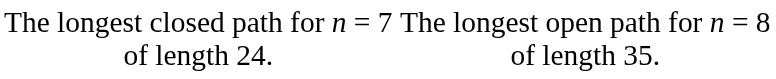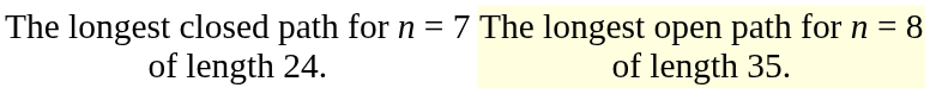 <table style="margin:auto">
 <tr valign="bottom">
 <td style="padding: 0 1em"></td>
 <td style="padding: 0 1em"></td>
 </tr>
 <tr>
 <td align="center">The longest closed path for <em>n</em> = 7<br>of length 24.</td>
-<td align="center">The longest open path for <em>n</em> = 8<br>of length 35.</td>
+<td align="center" style="background: lightyellow;">The longest open path for <em>n</em> = 8<br>of length 35.</td>
 </tr>
 </table>
